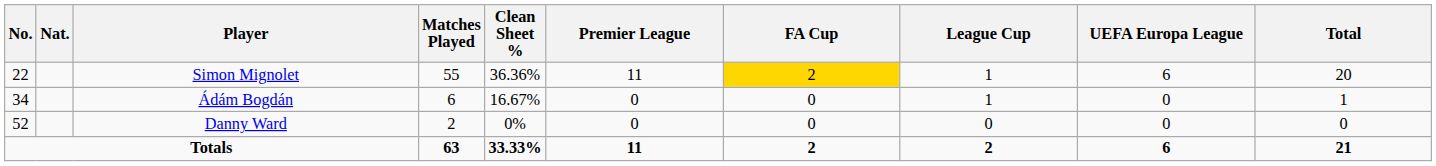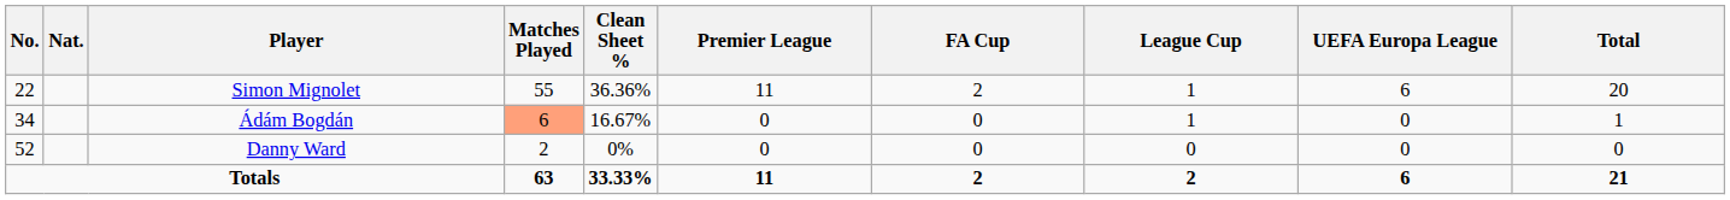 <table class="wikitable sortable alternance"  style="font-size:85%; text-align:center; line-height:14px; width:60%;">
 <tr>
 <th width=10>No.</th>
 <th width=10>Nat.</th>
 <th scope="col" style="width:300px;">Player</th>
 <th>Matches Played</th>
 <th>Clean Sheet %</th>
 <th width=150>Premier League</th>
 <th width=150>FA Cup</th>
 <th width=150>League Cup</th>
 <th width=150>UEFA Europa League</th>
 <th width=150>Total</th>
 </tr>
 <tr>
 <td>22</td>
 <td></td>
 <td><a href='#'>Simon Mignolet</a></td>
 <td>55</td>
 <td>36.36%</td>
 <td>11</td>
-<td style="background: gold;">2</td>
+<td>2</td>
 <td>1</td>
 <td>6</td>
 <td>20</td>
 </tr>
 <tr>
 <td>34</td>
 <td></td>
 <td><a href='#'>Ádám Bogdán</a></td>
-<td>6</td>
+<td style="background: lightsalmon;">6</td>
 <td>16.67%</td>
 <td>0</td>
 <td>0</td>
 <td>1</td>
 <td>0</td>
 <td>1</td>
 </tr>
 <tr>
 <td>52</td>
 <td></td>
 <td><a href='#'>Danny Ward</a></td>
 <td>2</td>
 <td>0%</td>
 <td>0</td>
 <td>0</td>
 <td>0</td>
 <td>0</td>
 <td>0</td>
 </tr>
 <tr class="sortbottom">
 <td colspan="3"><strong>Totals</strong></td>
 <td><strong>63</strong></td>
 <td><strong>33.33%</strong></td>
 <td><strong>11</strong></td>
 <td><strong>2</strong></td>
 <td><strong>2</strong></td>
 <td><strong>6</strong></td>
 <td><strong>21</strong></td>
 </tr>
 </table>
